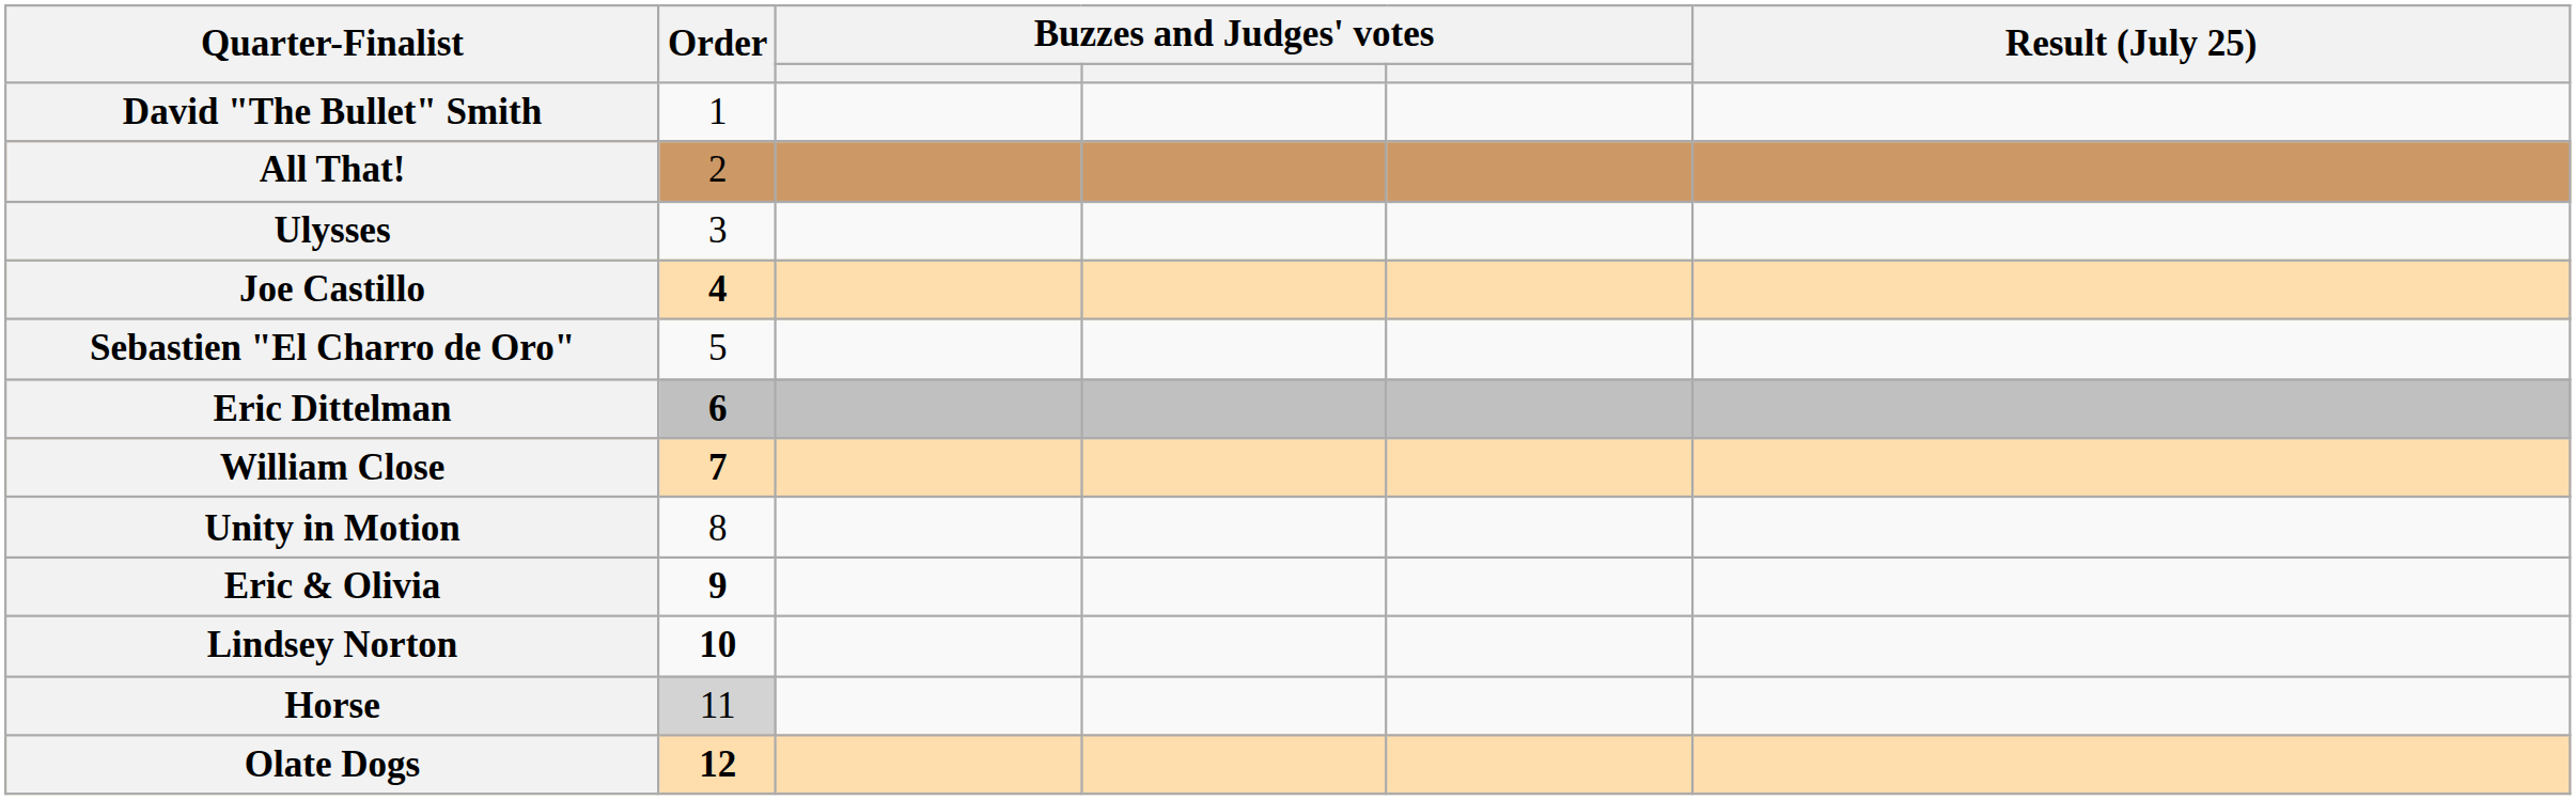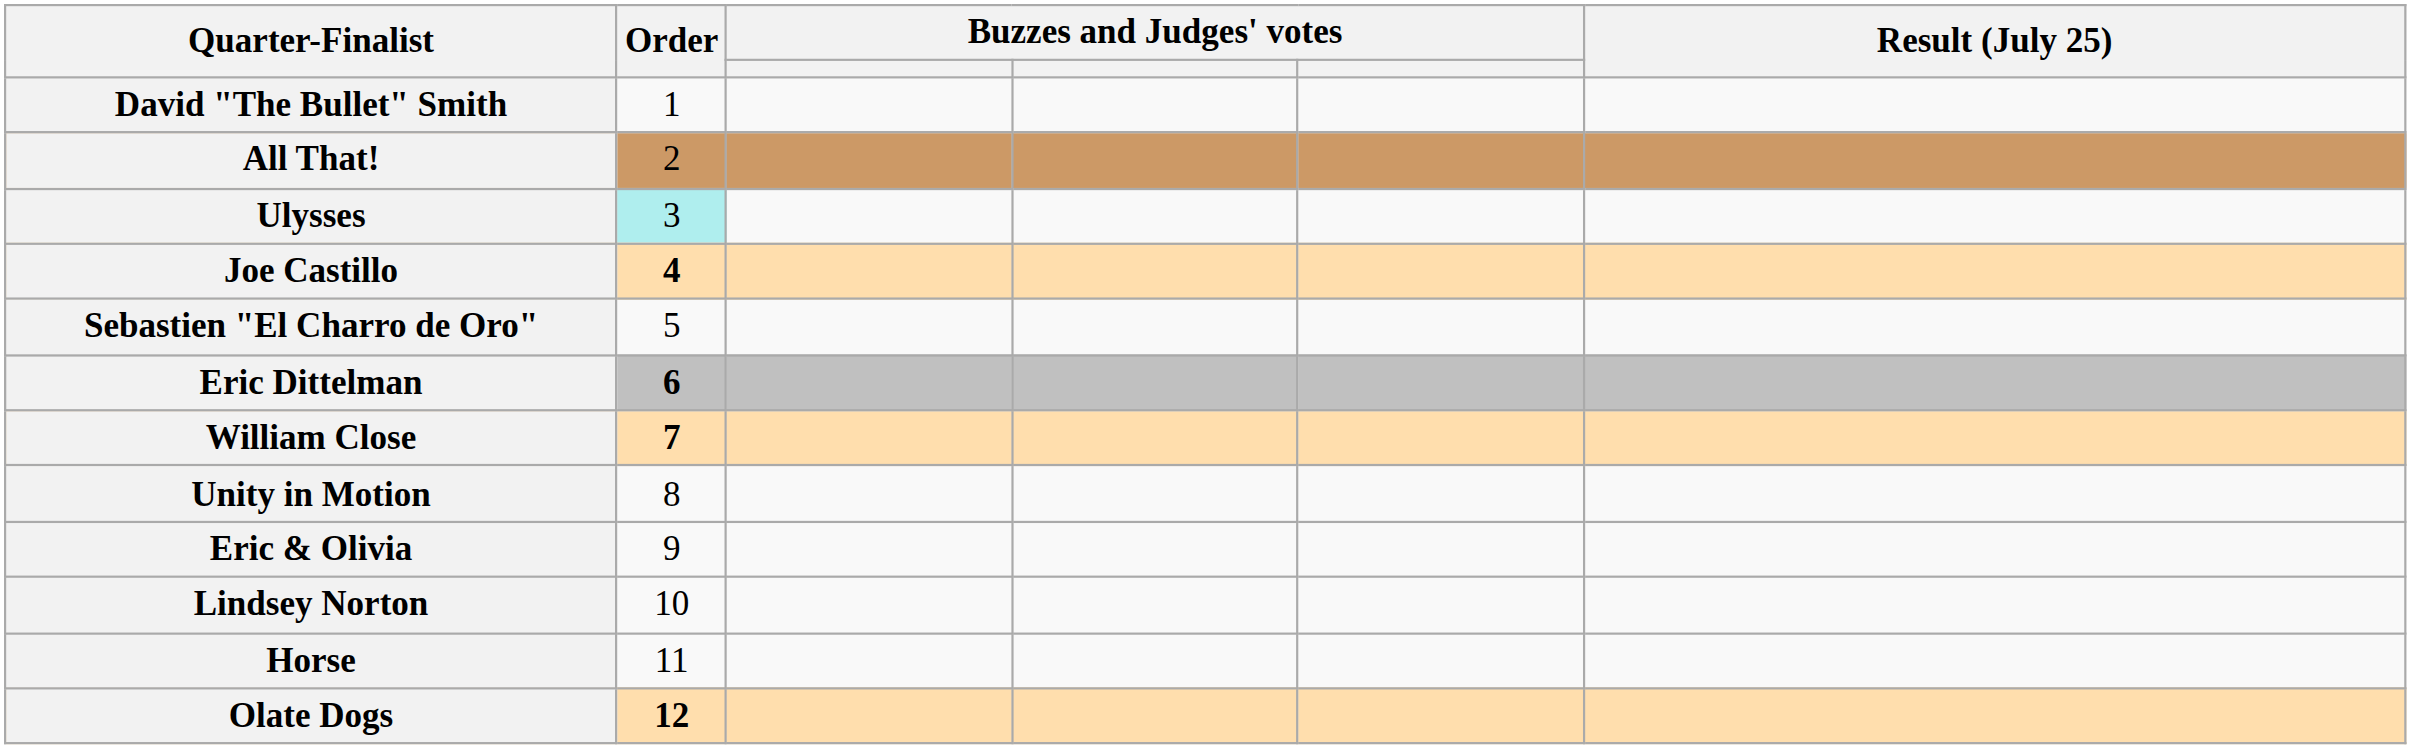 <table class="wikitable plainrowheaders sortable" style="text-align:center;">
 <tr>
 <th scope="col" rowspan="2" class="unsortable" style="width:17em;">Quarter-Finalist</th>
 <th scope="col" rowspan="2" style="width:1em;">Order</th>
 <th scope="col" colspan="3" class="unsortable" style="width:24em;">Buzzes and Judges' votes</th>
 <th scope="col" rowspan="2" style="width:23em;">Result (July 25)</th>
 </tr>
 <tr>
 <th scope="col" class="unsortable" style="width:6em;"></th>
 <th scope="col" class="unsortable" style="width:6em;"></th>
 <th scope="col" class="unsortable" style="width:6em;"></th>
 </tr>
 <tr>
 <th scope="row">David "The Bullet" Smith </th>
 <td>1</td>
 <td style="text-align:center;"></td>
 <td style="text-align:center;"></td>
 <td style="text-align:center;"></td>
 <td></td>
 </tr>
 <tr style="background:#c96;">
 <th scope="row">All That!</th>
 <td>2</td>
 <td style="text-align:center;"></td>
 <td style="text-align:center;"></td>
 <td style="text-align:center;"></td>
 <td></td>
 </tr>
 <tr>
 <th scope="row">Ulysses</th>
-<td>3</td>
+<td style="background: paleturquoise;">3</td>
 <td style="text-align:center;"></td>
 <td style="text-align:center;"></td>
 <td style="text-align:center;"></td>
 <td></td>
 </tr>
 <tr style="background:NavajoWhite;">
 <th scope="row"><strong>Joe Castillo</strong></th>
 <td><strong>4</strong></td>
 <td style="text-align:center;"></td>
 <td style="text-align:center;"></td>
 <td style="text-align:center;"></td>
 <td><strong></strong></td>
 </tr>
 <tr>
 <th scope="row">Sebastien "El Charro de Oro"</th>
 <td>5</td>
 <td style="text-align:center;"></td>
 <td style="text-align:center;"></td>
 <td style="text-align:center;"></td>
 <td></td>
 </tr>
 <tr style="background:silver;">
 <th scope="row"><strong>Eric Dittelman</strong></th>
 <td><strong>6</strong></td>
 <td style="text-align:center;"></td>
 <td style="text-align:center;"></td>
 <td style="text-align:center;"></td>
 <td><strong></strong></td>
 </tr>
 <tr style="background:NavajoWhite;">
 <th scope="row"><strong>William Close</strong></th>
 <td><strong>7</strong></td>
 <td style="text-align:center;"></td>
 <td style="text-align:center;"></td>
 <td style="text-align:center;"></td>
 <td><strong></strong></td>
 </tr>
 <tr>
 <th scope="row">Unity in Motion</th>
 <td>8</td>
 <td style="text-align:center;"></td>
 <td style="text-align:center;"></td>
 <td style="text-align:center;"></td>
 <td></td>
 </tr>
 <tr>
 <th scope="row">Eric & Olivia</th>
-<td><strong>9</strong></td>
+<td>9</td>
 <td style="text-align:center;"></td>
 <td style="text-align:center;"></td>
 <td style="text-align:center;"></td>
 <td></td>
 </tr>
 <tr>
 <th scope="row">Lindsey Norton</th>
-<td><strong>10</strong></td>
+<td>10</td>
 <td style="text-align:center;"></td>
 <td style="text-align:center;"></td>
 <td style="text-align:center;"></td>
 <td></td>
 </tr>
 <tr>
 <th scope="row">Horse</th>
-<td style="background: lightgrey;">11</td>
+<td>11</td>
 <td style="text-align:center;"></td>
 <td style="text-align:center;"></td>
 <td style="text-align:center;"></td>
 <td></td>
 </tr>
 <tr style="background:NavajoWhite;">
 <th scope="row"><strong>Olate Dogs</strong></th>
 <td><strong>12</strong></td>
 <td style="text-align:center;"></td>
 <td style="text-align:center;"></td>
 <td style="text-align:center;"></td>
 <td><strong></strong></td>
 </tr>
 </table>
